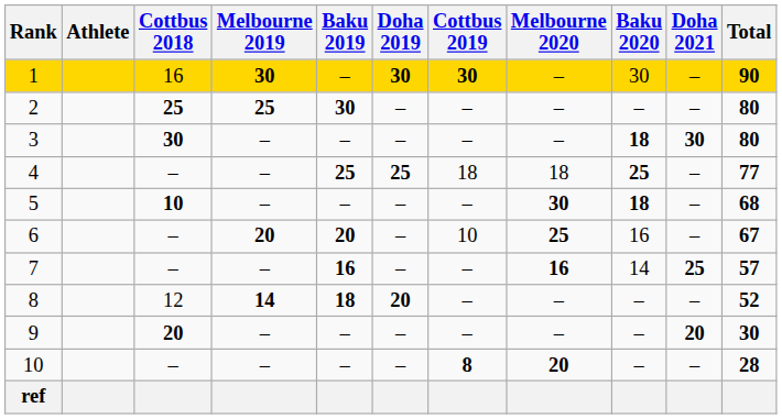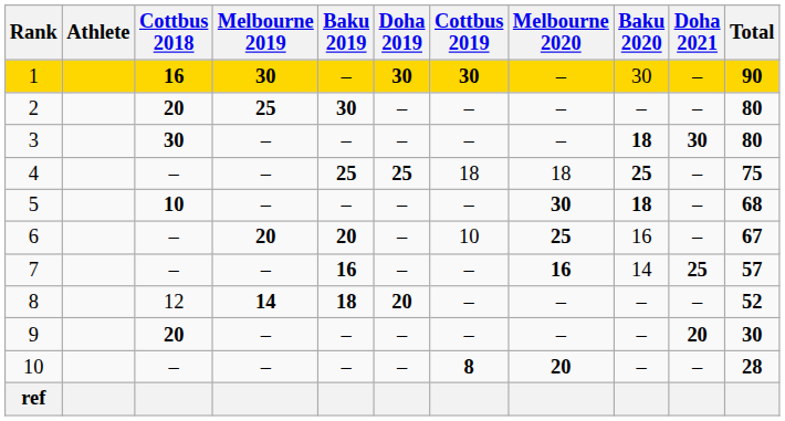 <table style="width:60%;" class="wikitable">
 <tr>
 <th style="text-align:center; width:6%;">Rank</th>
 <th style="text-align:center; width:30%;">Athlete</th>
 <th style="text-align:center; width:6%;"><a href='#'>Cottbus 2018</a></th>
 <th style="text-align:center; width:6%;"><a href='#'>Melbourne 2019</a></th>
 <th style="text-align:center; width:6%;"><a href='#'>Baku 2019</a></th>
 <th style="text-align:center; width:6%;"><a href='#'>Doha 2019</a></th>
 <th style="text-align:center; width:6%;"><a href='#'>Cottbus 2019</a></th>
 <th style="text-align:center; width:6%;"><a href='#'>Melbourne 2020</a></th>
 <th style="text-align:center; width:6%;"><a href='#'>Baku 2020</a></th>
 <th style="text-align:center; width:6%;"><a href='#'>Doha 2021</a></th>
 <th style="text-align:center; width:6%;">Total</th>
 </tr>
 <tr scope=row style="text-align:center" bgcolor=gold>
 <td>1</td>
 <td align=left></td>
-<td>16</td>
+<td><strong>16</strong></td>
 <td><strong>30</strong></td>
 <td>–</td>
 <td><strong>30</strong></td>
 <td><strong>30</strong></td>
 <td>–</td>
 <td>30</td>
 <td>–</td>
 <td><strong>90</strong></td>
 </tr>
 <tr scope=row style="text-align:center">
 <td>2</td>
 <td align=left></td>
-<td><strong>25</strong></td>
+<td><strong>20</strong></td>
 <td><strong>25</strong></td>
 <td><strong>30</strong></td>
 <td>–</td>
 <td>–</td>
 <td>–</td>
 <td>–</td>
 <td>–</td>
 <td><strong>80</strong></td>
 </tr>
 <tr scope=row style="text-align:center">
 <td>3</td>
 <td align=left></td>
 <td><strong>30</strong></td>
 <td>–</td>
 <td>–</td>
 <td>–</td>
 <td>–</td>
 <td>–</td>
 <td><strong>18</strong></td>
 <td><strong>30</strong></td>
 <td><strong>80</strong></td>
 </tr>
 <tr scope=row style="text-align:center">
 <td>4</td>
 <td align=left></td>
 <td>–</td>
 <td>–</td>
 <td><strong>25</strong></td>
 <td><strong>25</strong></td>
 <td>18</td>
 <td>18</td>
 <td><strong>25</strong></td>
 <td>–</td>
-<td><strong>77</strong></td>
+<td><strong>75</strong></td>
 </tr>
 <tr scope=row style="text-align:center">
 <td>5</td>
 <td align=left></td>
 <td><strong>10</strong></td>
 <td>–</td>
 <td>–</td>
 <td>–</td>
 <td>–</td>
 <td><strong>30</strong></td>
 <td><strong>18</strong></td>
 <td>–</td>
 <td><strong>68</strong></td>
 </tr>
 <tr style="text-align:center" scope="row">
 <td>6</td>
 <td align="left"></td>
 <td>–</td>
 <td><strong>20</strong></td>
 <td><strong>20</strong></td>
 <td>–</td>
 <td>10</td>
 <td><strong>25</strong></td>
 <td>16</td>
 <td>–</td>
 <td><strong>67</strong></td>
 </tr>
 <tr scope=row style="text-align:center">
 <td>7</td>
 <td align=left></td>
 <td>–</td>
 <td>–</td>
 <td><strong>16</strong></td>
 <td>–</td>
 <td>–</td>
 <td><strong>16</strong></td>
 <td>14</td>
 <td><strong>25</strong></td>
 <td><strong>57</strong></td>
 </tr>
 <tr scope=row style="text-align:center">
 <td>8</td>
 <td align=left></td>
 <td>12</td>
 <td><strong>14</strong></td>
 <td><strong>18</strong></td>
 <td><strong>20</strong></td>
 <td>–</td>
 <td>–</td>
 <td>–</td>
 <td>–</td>
 <td><strong>52</strong></td>
 </tr>
 <tr scope=row style="text-align:center">
 <td>9</td>
 <td align=left></td>
 <td><strong>20</strong></td>
 <td>–</td>
 <td>–</td>
 <td>–</td>
 <td>–</td>
 <td>–</td>
 <td>–</td>
 <td><strong>20</strong></td>
 <td><strong>30</strong></td>
 </tr>
 <tr scope=row style="text-align:center">
 <td>10</td>
 <td align=left></td>
 <td>–</td>
 <td>–</td>
 <td>–</td>
 <td>–</td>
 <td><strong>8</strong></td>
 <td><strong>20</strong></td>
 <td>–</td>
 <td>–</td>
 <td><strong>28</strong></td>
 </tr>
 <tr scope=row style="text-align:center">
 <th>ref</th>
 <th></th>
 <th></th>
 <th></th>
 <th></th>
 <th></th>
 <th></th>
 <th></th>
 <th></th>
 <th></th>
 <th></th>
 </tr>
 </table>
